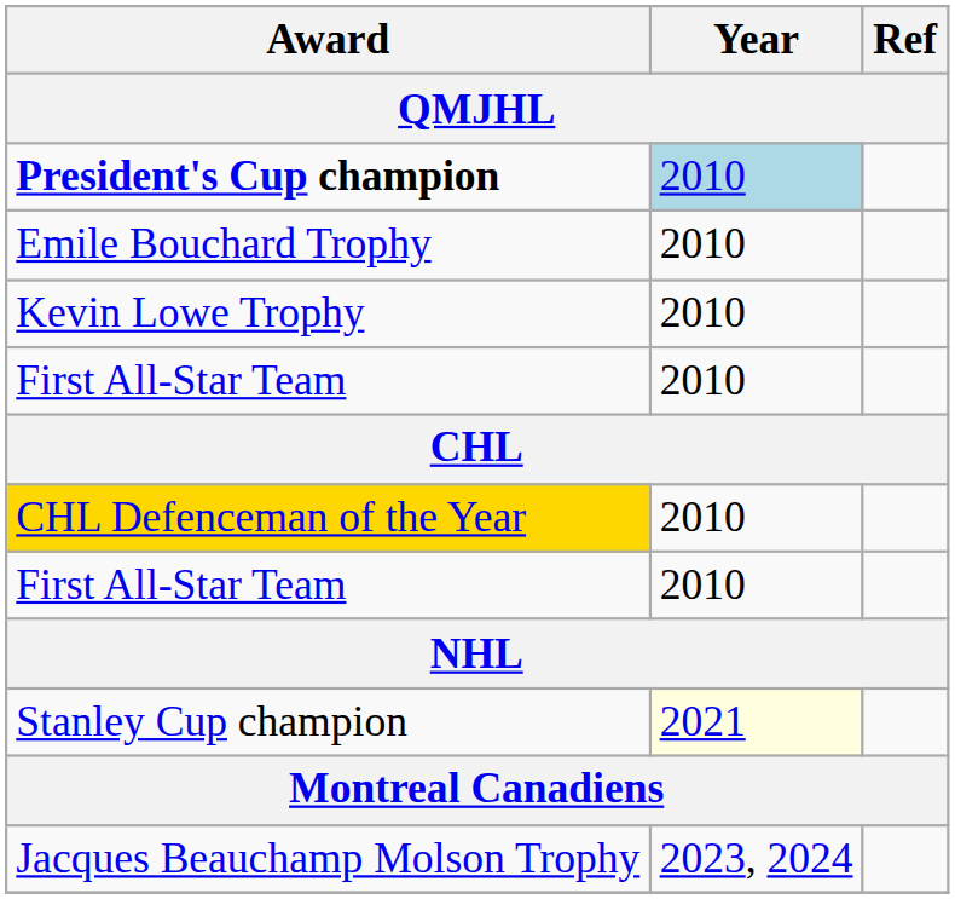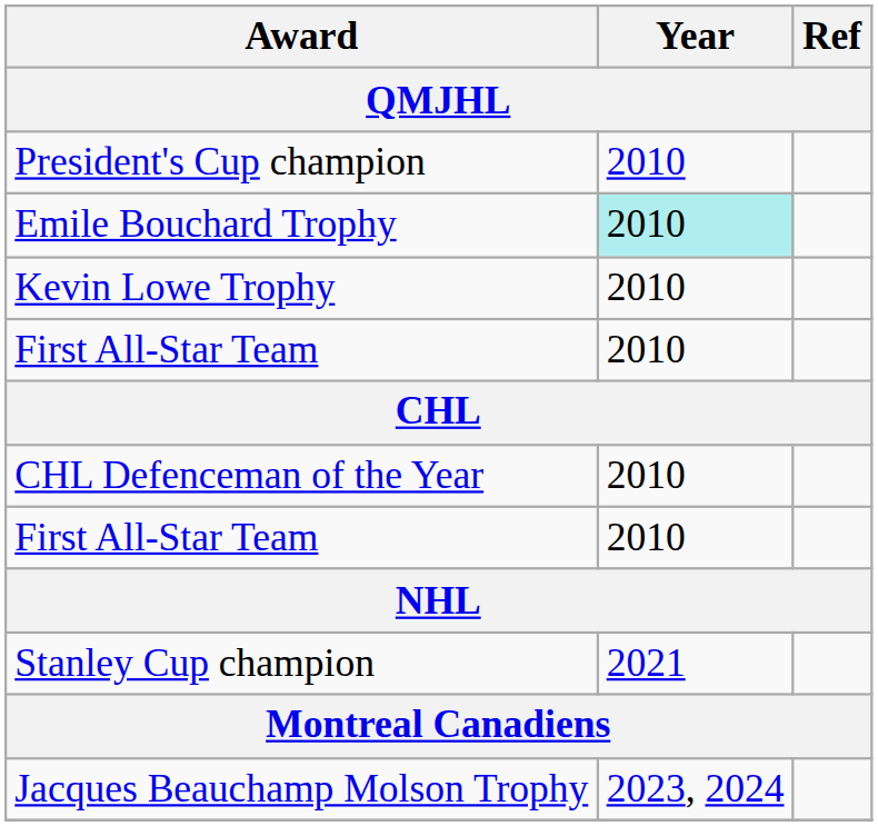 <table class="wikitable">
 <tr>
 <th>Award</th>
 <th>Year</th>
 <th>Ref</th>
 </tr>
 <tr>
 <th colspan="3"><a href='#'>QMJHL</a></th>
 </tr>
 <tr>
-<td><strong><a href='#'>President's Cup</a> champion</strong></td>
-<td style="background: lightblue;"><a href='#'>2010</a></td>
+<td><a href='#'>President's Cup</a> champion</td>
+<td><a href='#'>2010</a></td>
 <td></td>
 </tr>
 <tr>
 <td><a href='#'>Emile Bouchard Trophy</a></td>
-<td>2010</td>
+<td style="background: paleturquoise;">2010</td>
 <td></td>
 </tr>
 <tr>
 <td><a href='#'>Kevin Lowe Trophy</a></td>
 <td>2010</td>
 <td></td>
 </tr>
 <tr>
 <td><a href='#'>First All-Star Team</a></td>
 <td>2010</td>
 <td></td>
 </tr>
 <tr>
 <th colspan="3"><a href='#'>CHL</a></th>
 </tr>
 <tr>
-<td style="background: gold;"><a href='#'>CHL Defenceman of the Year</a></td>
+<td><a href='#'>CHL Defenceman of the Year</a></td>
 <td>2010</td>
 <td></td>
 </tr>
 <tr>
 <td><a href='#'>First All-Star Team</a></td>
 <td>2010</td>
 <td></td>
 </tr>
 <tr>
 <th colspan="3"><a href='#'>NHL</a></th>
 </tr>
 <tr>
 <td><a href='#'>Stanley Cup</a> champion</td>
-<td style="background: lightyellow;"><a href='#'>2021</a></td>
+<td><a href='#'>2021</a></td>
 <td></td>
 </tr>
 <tr>
 <th colspan="3"><a href='#'>Montreal Canadiens</a></th>
 </tr>
 <tr>
 <td><a href='#'>Jacques Beauchamp Molson Trophy</a></td>
 <td><a href='#'>2023</a>, <a href='#'>2024</a></td>
 <td></td>
 </tr>
 <tr>
 </tr>
 </table>
